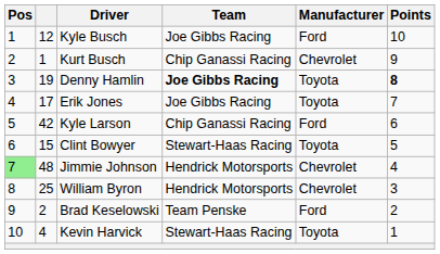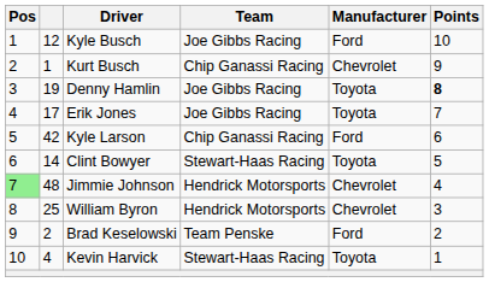 <table class="wikitable" style="font-size:98%">
 <tr>
 <th>Pos</th>
 <th></th>
 <th>Driver</th>
 <th>Team</th>
 <th>Manufacturer</th>
 <th>Points</th>
 </tr>
 <tr>
 <td>1</td>
 <td>12</td>
 <td>Kyle Busch</td>
 <td>Joe Gibbs Racing</td>
 <td>Ford</td>
 <td>10</td>
 </tr>
 <tr>
 <td>2</td>
 <td>1</td>
 <td>Kurt Busch</td>
 <td>Chip Ganassi Racing</td>
 <td>Chevrolet</td>
 <td>9</td>
 </tr>
 <tr>
 <td>3</td>
 <td>19</td>
 <td>Denny Hamlin</td>
-<td><strong>Joe Gibbs Racing</strong></td>
+<td>Joe Gibbs Racing</td>
 <td>Toyota</td>
 <td><strong>8</strong></td>
 </tr>
 <tr>
 <td>4</td>
 <td>17</td>
 <td>Erik Jones</td>
 <td>Joe Gibbs Racing</td>
 <td>Toyota</td>
 <td>7</td>
 </tr>
 <tr>
 <td>5</td>
 <td>42</td>
 <td>Kyle Larson</td>
 <td>Chip Ganassi Racing</td>
 <td>Ford</td>
 <td>6</td>
 </tr>
 <tr>
 <td>6</td>
-<td>15</td>
+<td>14</td>
 <td>Clint Bowyer</td>
 <td>Stewart-Haas Racing</td>
 <td>Toyota</td>
 <td>5</td>
 </tr>
 <tr>
 <td style="background: lightgreen;">7</td>
 <td>48</td>
 <td>Jimmie Johnson</td>
 <td>Hendrick Motorsports</td>
 <td>Chevrolet</td>
 <td>4</td>
 </tr>
 <tr>
 <td>8</td>
 <td>25</td>
 <td>William Byron</td>
 <td>Hendrick Motorsports</td>
 <td>Chevrolet</td>
 <td>3</td>
 </tr>
 <tr>
 <td>9</td>
 <td>2</td>
 <td>Brad Keselowski</td>
 <td>Team Penske</td>
 <td>Ford</td>
 <td>2</td>
 </tr>
 <tr>
 <td>10</td>
 <td>4</td>
 <td>Kevin Harvick</td>
 <td>Stewart-Haas Racing</td>
 <td>Toyota</td>
 <td>1</td>
 </tr>
 <tr>
 <th colspan="6"></th>
 </tr>
 </table>
